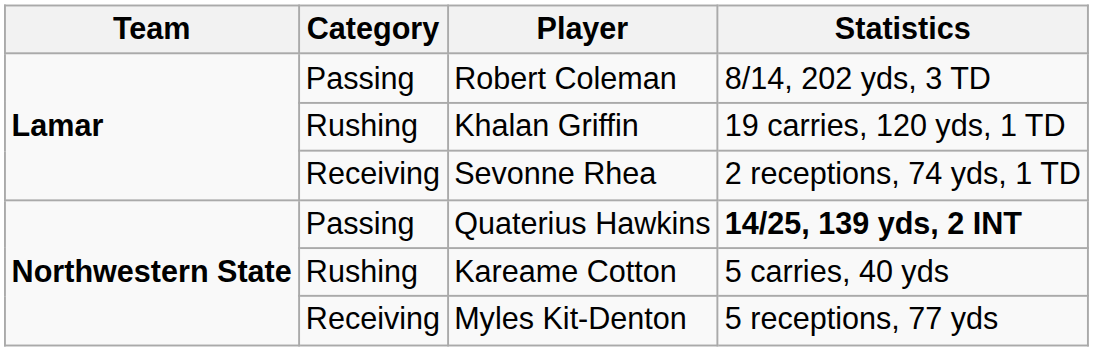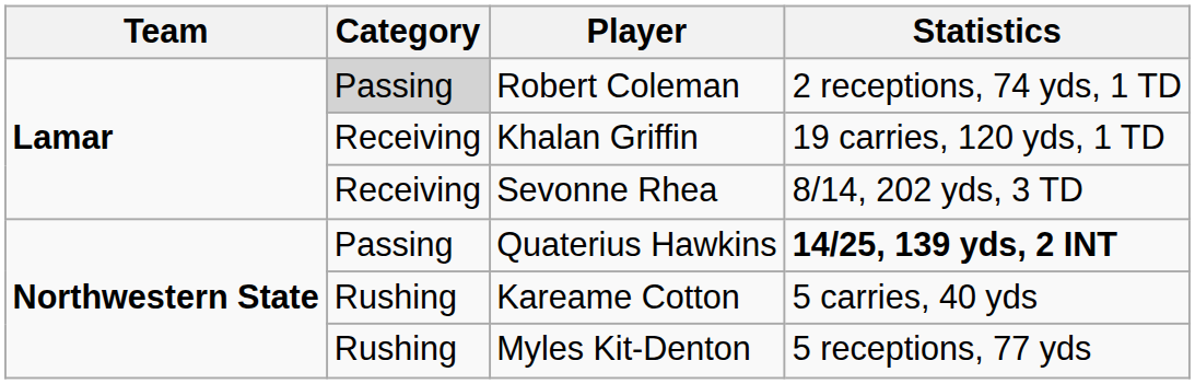 <table class="wikitable" style="float: right;">
 <tr>
 <th>Team</th>
 <th>Category</th>
 <th>Player</th>
 <th>Statistics</th>
 </tr>
 <tr>
 <td rowspan=3><strong>Lamar</strong></td>
-<td>Passing</td>
+<td style="background: lightgrey;">Passing</td>
 <td>Robert Coleman</td>
-<td>8/14, 202 yds, 3 TD</td>
+<td>2 receptions, 74 yds, 1 TD</td>
 </tr>
 <tr>
-<td>Rushing</td>
+<td>Receiving</td>
 <td>Khalan Griffin</td>
 <td>19 carries, 120 yds, 1 TD</td>
 </tr>
 <tr>
 <td>Receiving</td>
 <td>Sevonne Rhea</td>
-<td>2 receptions, 74 yds, 1 TD</td>
+<td>8/14, 202 yds, 3 TD</td>
 </tr>
 <tr>
 <td rowspan=3><strong>Northwestern State</strong></td>
 <td>Passing</td>
 <td>Quaterius Hawkins</td>
 <td><strong>14/25, 139 yds, 2 INT</strong></td>
 </tr>
 <tr>
 <td>Rushing</td>
 <td>Kareame Cotton</td>
 <td>5 carries, 40 yds</td>
 </tr>
 <tr>
-<td>Receiving</td>
+<td>Rushing</td>
 <td>Myles Kit-Denton</td>
 <td>5 receptions, 77 yds</td>
 </tr>
 </table>
